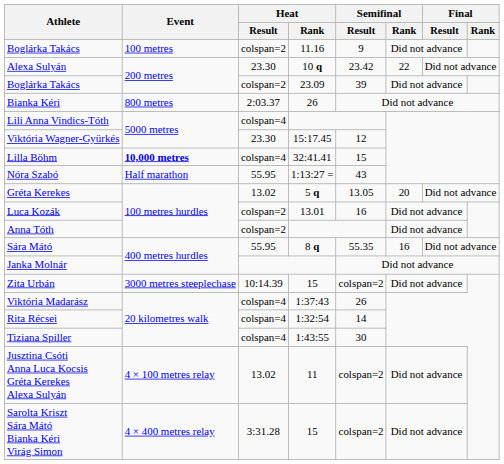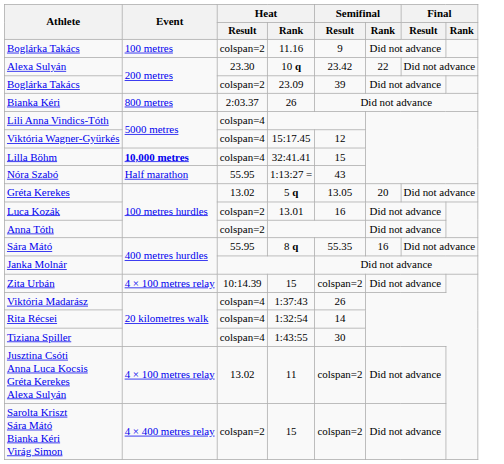 <table class=wikitable style=font-size:90%>
 <tr>
 <th rowspan=2>Athlete</th>
 <th rowspan=2>Event</th>
 <th colspan=2>Heat</th>
 <th colspan=2>Semifinal</th>
 <th colspan=2>Final</th>
 </tr>
 <tr style=font-size:95%>
 <th>Result</th>
 <th>Rank</th>
 <th>Result</th>
 <th>Rank</th>
 <th>Result</th>
 <th>Rank</th>
 </tr>
 <tr align=center>
 <td align=left><a href='#'>Boglárka Takács</a></td>
 <td align=left><a href='#'>100 metres</a></td>
 <td>colspan=2</td>
 <td>11.16</td>
 <td>9</td>
 <td colspan=2>Did not advance</td>
 </tr>
 <tr align=center>
 <td align=left><a href='#'>Alexa Sulyán</a></td>
 <td align=left rowspan=2><a href='#'>200 metres</a></td>
 <td>23.30</td>
 <td>10 <strong>q</strong></td>
 <td>23.42</td>
 <td>22</td>
 <td colspan=2>Did not advance</td>
 </tr>
 <tr align=center>
 <td align=left><a href='#'>Boglárka Takács</a></td>
 <td>colspan=2</td>
 <td>23.09</td>
 <td>39</td>
 <td colspan=2>Did not advance</td>
 </tr>
 <tr align=center>
 <td align=left><a href='#'>Bianka Kéri</a></td>
 <td align=left><a href='#'>800 metres</a></td>
 <td>2:03.37</td>
 <td>26</td>
 <td colspan=4>Did not advance</td>
 </tr>
 <tr align=center>
 <td align=left><a href='#'>Lili Anna Vindics-Tóth</a></td>
 <td align=left rowspan=2><a href='#'>5000 metres</a></td>
 <td>colspan=4</td>
 <td colspan=2></td>
 </tr>
 <tr align=center>
 <td align=left><a href='#'>Viktória Wagner-Gyürkés</a></td>
-<td>23.30</td>
+<td>colspan=4</td>
 <td>15:17.45 </td>
 <td>12</td>
 </tr>
 <tr align=center>
 <td align=left><a href='#'>Lilla Böhm</a></td>
 <td align=left><strong><a href='#'>10,000 metres</a></strong></td>
 <td>colspan=4</td>
 <td>32:41.41 </td>
 <td>15</td>
 </tr>
 <tr align=center>
 <td align=left><a href='#'>Nóra Szabó</a></td>
 <td align=left><a href='#'>Half marathon</a></td>
 <td>55.95</td>
 <td>1:13:27 =</td>
 <td>43</td>
 </tr>
 <tr align=center>
 <td align=left><a href='#'>Gréta Kerekes</a></td>
 <td align=left rowspan=3><a href='#'>100 metres hurdles</a></td>
 <td>13.02</td>
 <td>5 <strong>q</strong></td>
 <td>13.05</td>
 <td>20</td>
 <td colspan=2>Did not advance</td>
 </tr>
 <tr align=center>
 <td align=left><a href='#'>Luca Kozák</a></td>
 <td>colspan=2</td>
 <td>13.01 </td>
 <td>16</td>
 <td colspan=2>Did not advance</td>
 </tr>
 <tr align=center>
 <td align=left><a href='#'>Anna Tóth</a></td>
 <td>colspan=2</td>
 <td colspan=2></td>
 <td colspan=2>Did not advance</td>
 </tr>
 <tr align=center>
 <td align=left><a href='#'>Sára Mátó</a></td>
 <td align=left rowspan=2><a href='#'>400 metres hurdles</a></td>
 <td>55.95</td>
 <td>8 <strong>q</strong></td>
 <td>55.35 </td>
 <td>16</td>
 <td colspan=2>Did not advance</td>
 </tr>
 <tr align=center>
 <td align=left><a href='#'>Janka Molnár</a></td>
 <td colspan=2></td>
 <td colspan=4>Did not advance</td>
 </tr>
 <tr align=center>
 <td align=left><a href='#'>Zita Urbán</a></td>
-<td align=left><a href='#'>3000 metres steeplechase</a></td>
+<td align=left><a href='#'>4 × 100 metres relay</a></td>
 <td>10:14.39</td>
 <td>15</td>
 <td>colspan=2</td>
 <td colspan=2>Did not advance</td>
 </tr>
 <tr align=center>
 <td align=left><a href='#'>Viktória Madarász</a></td>
 <td align=left rowspan=3><a href='#'>20 kilometres walk</a></td>
 <td>colspan=4</td>
 <td>1:37:43</td>
 <td>26</td>
 </tr>
 <tr align=center>
 <td align=left><a href='#'>Rita Récsei</a></td>
 <td>colspan=4</td>
 <td>1:32:54</td>
 <td>14</td>
 </tr>
 <tr align=center>
 <td align=left><a href='#'>Tiziana Spiller</a></td>
 <td>colspan=4</td>
 <td>1:43:55</td>
 <td>30</td>
 </tr>
 <tr align=center>
 <td align=left><a href='#'>Jusztina Csóti</a><br><a href='#'>Anna Luca Kocsis</a><br><a href='#'>Gréta Kerekes</a><br><a href='#'>Alexa Sulyán</a></td>
 <td align=left><a href='#'>4 × 100 metres relay</a></td>
 <td>13.02</td>
 <td>11</td>
 <td>colspan=2</td>
 <td colspan=2>Did not advance</td>
 </tr>
 <tr align=center>
 <td align=left><a href='#'>Sarolta Kriszt</a><br><a href='#'>Sára Mátó</a><br><a href='#'>Bianka Kéri</a><br><a href='#'>Virág Simon</a></td>
 <td align=left><a href='#'>4 × 400 metres relay</a></td>
-<td>3:31.28 </td>
+<td>colspan=2</td>
 <td>15</td>
 <td>colspan=2</td>
 <td colspan=2>Did not advance</td>
 </tr>
 </table>
